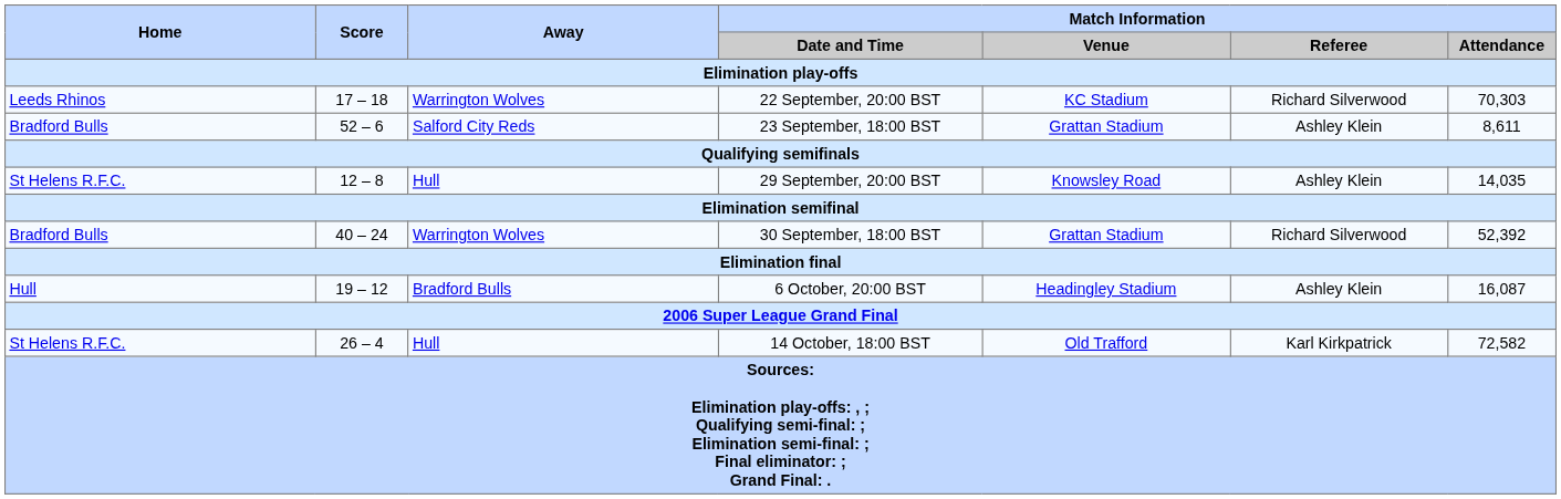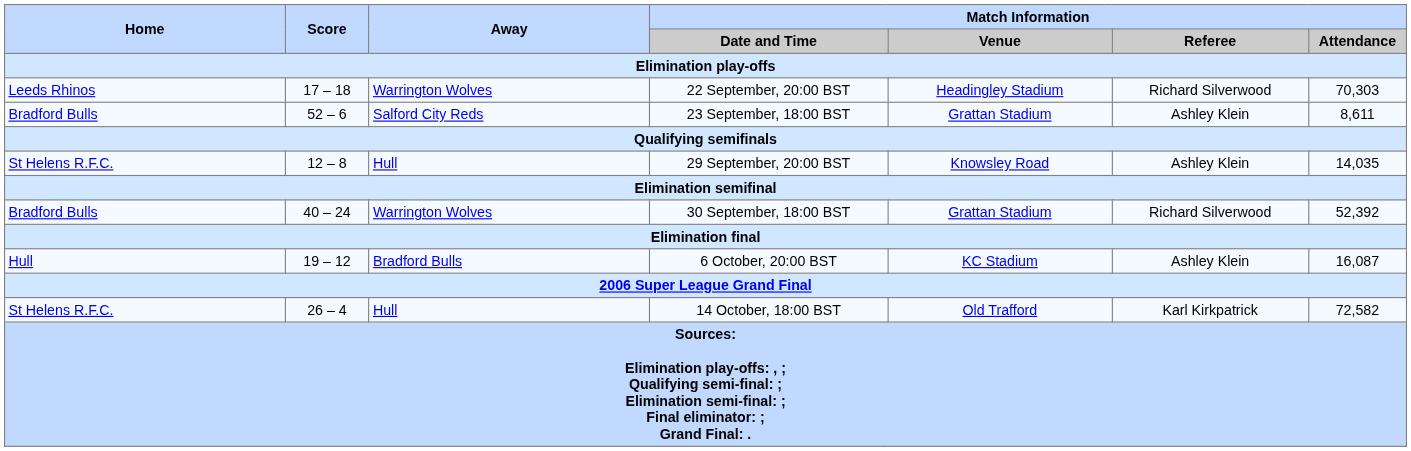 <table border="1" cellpadding="3" cellspacing="0" style="border-collapse:collapse; font-size:80%; text-align:center; width:100%;">
 <tr style="background:#c1d8ff;">
 <th rowspan="2" style="width:20%;">Home</th>
 <th rowspan="2" style="width:6%;">Score</th>
 <th rowspan="2" style="width:20%;">Away</th>
 <th colspan=6>Match Information</th>
 </tr>
 <tr style="background:#ccc;">
 <th width=17%>Date and Time</th>
 <th width=16%>Venue</th>
 <th width=14%>Referee</th>
 <th width=7%>Attendance</th>
 </tr>
 <tr style="background:#d0e7ff;">
 <td colspan=7><strong>Elimination play-offs</strong></td>
 </tr>
 <tr style="background:#f5faff;">
 <td align=left> <a href='#'>Leeds Rhinos</a></td>
 <td>17 – 18</td>
 <td align=left> <a href='#'>Warrington Wolves</a></td>
 <td>22 September, 20:00 BST</td>
-<td><a href='#'>KC Stadium</a></td>
+<td><a href='#'>Headingley Stadium</a></td>
 <td>Richard Silverwood</td>
 <td>70,303</td>
 </tr>
 <tr style="background:#f5faff;">
 <td align=left> <a href='#'>Bradford Bulls</a></td>
 <td>52 – 6</td>
 <td align=left> <a href='#'>Salford City Reds</a></td>
 <td>23 September, 18:00 BST</td>
 <td><a href='#'>Grattan Stadium</a></td>
 <td>Ashley Klein</td>
 <td>8,611</td>
 </tr>
 <tr style="background:#d0e7ff;">
 <td colspan=7><strong>Qualifying semifinals</strong></td>
 </tr>
 <tr style="background:#f5faff;">
 <td align=left> <a href='#'>St Helens R.F.C.</a></td>
 <td>12 – 8</td>
 <td align=left> <a href='#'>Hull</a></td>
 <td>29 September, 20:00 BST</td>
 <td><a href='#'>Knowsley Road</a></td>
 <td>Ashley Klein</td>
 <td>14,035</td>
 </tr>
 <tr style="background:#d0e7ff;">
 <td colspan=7><strong>Elimination semifinal</strong></td>
 </tr>
 <tr style="background:#f5faff;">
 <td align=left> <a href='#'>Bradford Bulls</a></td>
 <td>40 – 24</td>
 <td align=left> <a href='#'>Warrington Wolves</a></td>
 <td>30 September, 18:00 BST</td>
 <td><a href='#'>Grattan Stadium</a></td>
 <td>Richard Silverwood</td>
 <td>52,392</td>
 </tr>
 <tr style="background:#d0e7ff;">
 <td colspan=7><strong>Elimination final</strong></td>
 </tr>
 <tr style="background:#f5faff;">
 <td align=left> <a href='#'>Hull</a></td>
 <td>19 – 12</td>
 <td align=left> <a href='#'>Bradford Bulls</a></td>
 <td>6 October, 20:00 BST</td>
-<td><a href='#'>Headingley Stadium</a></td>
+<td><a href='#'>KC Stadium</a></td>
 <td>Ashley Klein</td>
 <td>16,087</td>
 </tr>
 <tr style="background:#d0e7ff;">
 <td colspan=7><strong><a href='#'>2006 Super League Grand Final</a></strong></td>
 </tr>
 <tr style="background:#f5faff;">
 <td align=left> <a href='#'>St Helens R.F.C.</a></td>
 <td>26 – 4</td>
 <td align=left> <a href='#'>Hull</a></td>
 <td>14 October, 18:00 BST</td>
 <td><a href='#'>Old Trafford</a></td>
 <td>Karl Kirkpatrick</td>
 <td>72,582</td>
 </tr>
 <tr style="background:#c1d8ff;">
 <th colspan=10>Sources:<br><br>Elimination play-offs: ,  ;<br> Qualifying semi-final: ;<br> Elimination semi-final: ;<br> Final eliminator: ;<br> Grand Final: .</th>
 </tr>
 </table>
